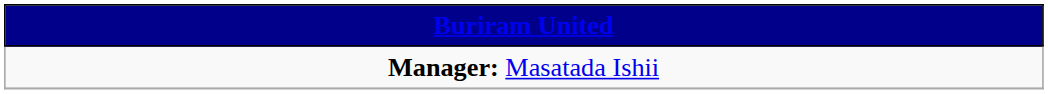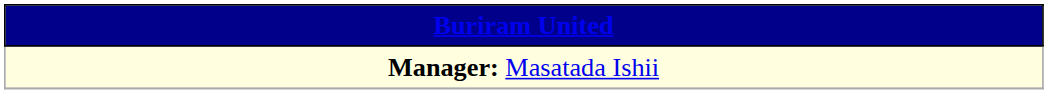 <table class="wikitable" style="width:40%; text-align:center">
 <tr>
 <th colspan="7" style="text-align:center;  background:darkblue;color:white;border:1px solid black"> <a href='#'><span>Buriram United</span></a></th>
 </tr>
 <tr>
-<td><strong>Manager:</strong>  <a href='#'>Masatada Ishii</a></td>
+<td style="background: lightyellow;"><strong>Manager:</strong>  <a href='#'>Masatada Ishii</a></td>
 </tr>
 <tr>
 </tr>
 </table>
